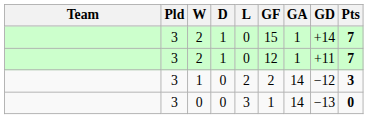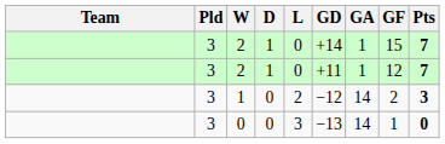 <table class="wikitable" style="text-align: center;">
 <tr>
 <th width=175>Team</th>
 <th width=20>Pld</th>
 <th width=20>W</th>
 <th width=20>D</th>
 <th width=20>L</th>
+<th width=20>GD</th>
+<th width=20>GA</th>
 <th width=20>GF</th>
-<th width=20>GA</th>
-<th width=20>GD</th>
 <th width=20>Pts</th>
 </tr>
 <tr bgcolor=ccffcc>
 <td style="text-align:left;"></td>
 <td>3</td>
 <td>2</td>
 <td>1</td>
 <td>0</td>
+<td>+14</td>
+<td>1</td>
 <td>15</td>
-<td>1</td>
-<td>+14</td>
 <td><strong>7</strong></td>
 </tr>
 <tr bgcolor=ccffcc>
 <td style="text-align:left;"></td>
 <td>3</td>
 <td>2</td>
 <td>1</td>
 <td>0</td>
+<td>+11</td>
+<td>1</td>
 <td>12</td>
-<td>1</td>
-<td>+11</td>
 <td><strong>7</strong></td>
 </tr>
 <tr>
 <td style="text-align:left;"></td>
 <td>3</td>
 <td>1</td>
 <td>0</td>
 <td>2</td>
+<td>−12</td>
+<td>14</td>
 <td>2</td>
-<td>14</td>
-<td>−12</td>
 <td><strong>3</strong></td>
 </tr>
 <tr>
 <td style="text-align:left;"></td>
 <td>3</td>
 <td>0</td>
 <td>0</td>
 <td>3</td>
+<td>−13</td>
+<td>14</td>
 <td>1</td>
-<td>14</td>
-<td>−13</td>
 <td><strong>0</strong></td>
 </tr>
 </table>
